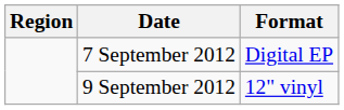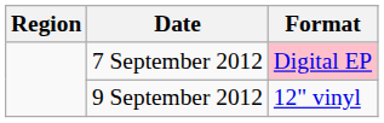 <table class=wikitable>
 <tr>
 <th>Region</th>
 <th>Date</th>
 <th>Format</th>
 </tr>
 <tr>
 <td rowspan="2"></td>
 <td>7 September 2012</td>
-<td><a href='#'>Digital EP</a></td>
+<td style="background: pink;"><a href='#'>Digital EP</a></td>
 </tr>
 <tr>
 <td>9 September 2012</td>
 <td><a href='#'>12" vinyl</a></td>
 </tr>
 </table>
